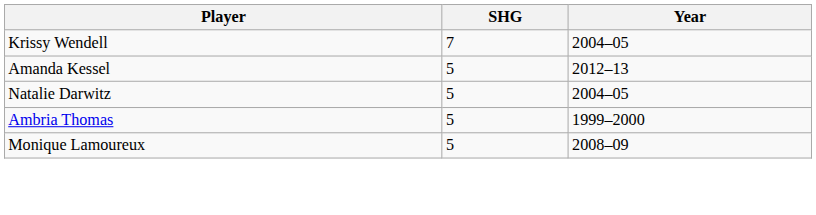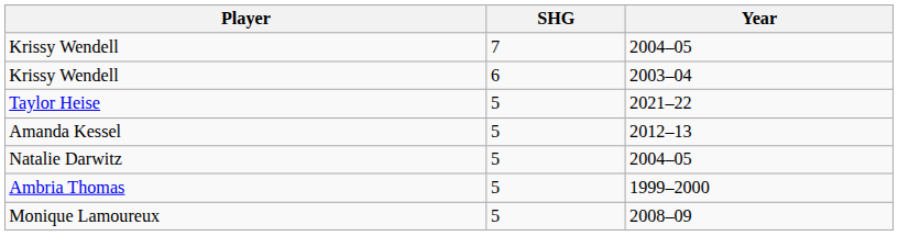 <table class="wikitable" style="width: 50em">
 <tr>
 <th>Player</th>
 <th>SHG</th>
 <th>Year</th>
 </tr>
 <tr>
 <td>Krissy Wendell</td>
 <td>7</td>
 <td>2004–05</td>
+</tr>
+<tr>
+<td>Krissy Wendell</td>
+<td>6</td>
+<td>2003–04</td>
+</tr>
+<tr>
+<td><a href='#'>Taylor Heise</a></td>
+<td>5</td>
+<td>2021–22</td>
 </tr>
 <tr>
 <td>Amanda Kessel</td>
 <td>5</td>
 <td>2012–13</td>
 </tr>
 <tr>
 <td>Natalie Darwitz</td>
 <td>5</td>
 <td>2004–05</td>
 </tr>
 <tr>
 <td><a href='#'>Ambria Thomas</a></td>
 <td>5</td>
 <td>1999–2000</td>
 </tr>
 <tr>
 <td>Monique Lamoureux</td>
 <td>5</td>
 <td>2008–09</td>
 </tr>
 </table>
